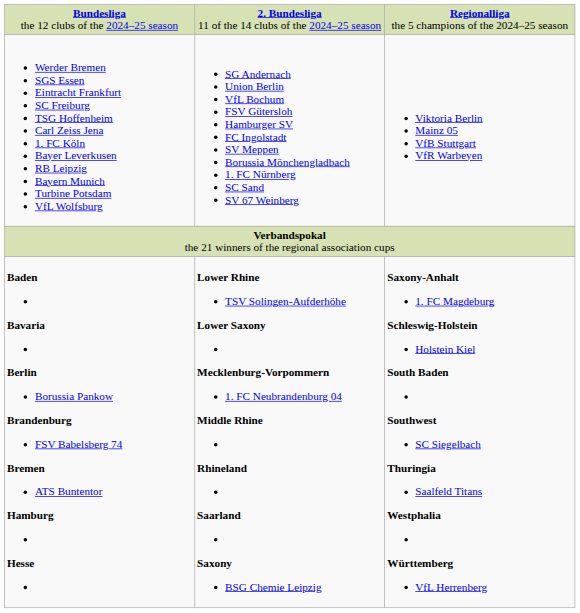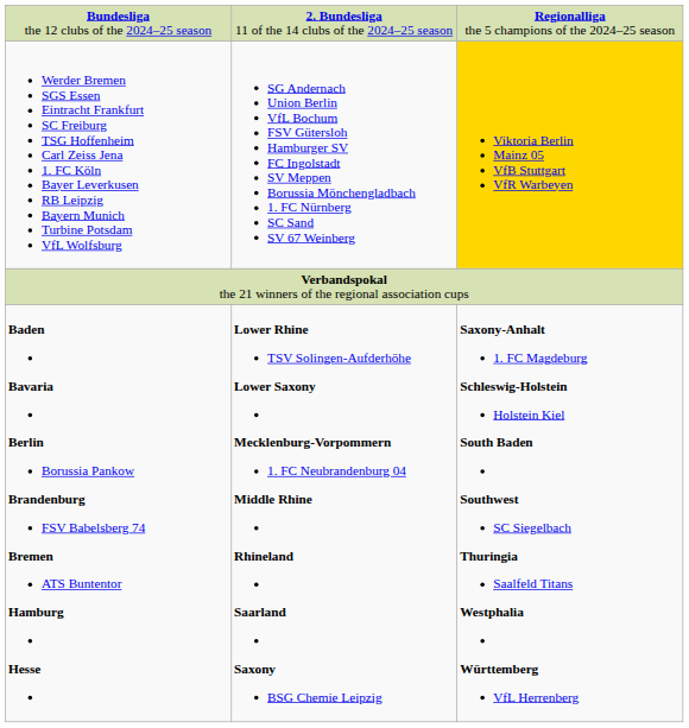 <table class="wikitable toptextcells">
 <tr style="background-color:#d6e2b3; text-align:center">
 <td style="width:33%"><strong><a href='#'>Bundesliga</a></strong><br>the 12 clubs of the <a href='#'>2024–25 season</a></td>
 <td style="width:33%"><strong><a href='#'>2. Bundesliga</a></strong><br>11 of the 14 clubs of the <a href='#'>2024–25 season</a></td>
 <td style="width:33%"><strong><a href='#'>Regionalliga</a></strong><br>the 5 champions of the 2024–25 season</td>
 </tr>
 <tr>
 <td><br><ul><li><a href='#'>Werder Bremen</a></li><li><a href='#'>SGS Essen</a></li><li><a href='#'>Eintracht Frankfurt</a></li><li><a href='#'>SC Freiburg</a></li><li><a href='#'>TSG Hoffenheim</a></li><li><a href='#'>Carl Zeiss Jena</a></li><li><a href='#'>1. FC Köln</a></li><li><a href='#'>Bayer Leverkusen</a></li><li><a href='#'>RB Leipzig</a></li><li><a href='#'>Bayern Munich</a></li><li><a href='#'>Turbine Potsdam</a></li><li><a href='#'>VfL Wolfsburg</a></li></ul></td>
 <td><br><ul><li><a href='#'>SG Andernach</a></li><li><a href='#'>Union Berlin</a></li><li><a href='#'>VfL Bochum</a></li><li><a href='#'>FSV Gütersloh</a></li><li><a href='#'>Hamburger SV</a></li><li><a href='#'>FC Ingolstadt</a></li><li><a href='#'>SV Meppen</a></li><li><a href='#'>Borussia Mönchengladbach</a></li><li><a href='#'>1. FC Nürnberg</a></li><li><a href='#'>SC Sand</a></li><li><a href='#'>SV 67 Weinberg</a></li></ul></td>
-<td><br><ul><li><a href='#'>Viktoria Berlin</a></li><li><a href='#'>Mainz 05</a></li><li><a href='#'>VfB Stuttgart</a></li><li><a href='#'>VfR Warbeyen</a></li></ul></td>
+<td style="background: gold;"><br><ul><li><a href='#'>Viktoria Berlin</a></li><li><a href='#'>Mainz 05</a></li><li><a href='#'>VfB Stuttgart</a></li><li><a href='#'>VfR Warbeyen</a></li></ul></td>
 </tr>
 <tr style="background-color:#d6e2b3; text-align:center">
 <td colspan="3"><strong>Verbandspokal</strong><br>the 21 winners of the regional association cups</td>
 </tr>
 <tr>
 <td><br><strong>Baden</strong><ul><li></li></ul><strong>Bavaria</strong><ul><li></li></ul><strong>Berlin</strong><ul><li><a href='#'>Borussia Pankow</a></li></ul><strong>Brandenburg</strong><ul><li><a href='#'>FSV Babelsberg 74</a></li></ul><strong>Bremen</strong><ul><li><a href='#'>ATS Buntentor</a></li></ul><strong>Hamburg</strong><ul><li></li></ul><strong>Hesse</strong><ul><li></li></ul></td>
 <td><br><strong>Lower Rhine</strong><ul><li><a href='#'>TSV Solingen-Aufderhöhe</a></li></ul><strong>Lower Saxony</strong><ul><li></li></ul><strong>Mecklenburg-Vorpommern</strong><ul><li><a href='#'>1. FC Neubrandenburg 04</a></li></ul><strong>Middle Rhine</strong><ul><li></li></ul><strong>Rhineland</strong><ul><li></li></ul><strong>Saarland</strong><ul><li></li></ul><strong>Saxony</strong><ul><li><a href='#'>BSG Chemie Leipzig</a></li></ul></td>
 <td><br><strong>Saxony-Anhalt</strong><ul><li><a href='#'>1. FC Magdeburg</a></li></ul><strong>Schleswig-Holstein</strong><ul><li><a href='#'>Holstein Kiel</a></li></ul><strong>South Baden</strong><ul><li></li></ul><strong>Southwest</strong><ul><li><a href='#'>SC Siegelbach</a></li></ul><strong>Thuringia</strong><ul><li><a href='#'>Saalfeld Titans</a></li></ul><strong>Westphalia</strong><ul><li></li></ul><strong>Württemberg</strong><ul><li><a href='#'>VfL Herrenberg</a></li></ul></td>
 </tr>
 </table>
